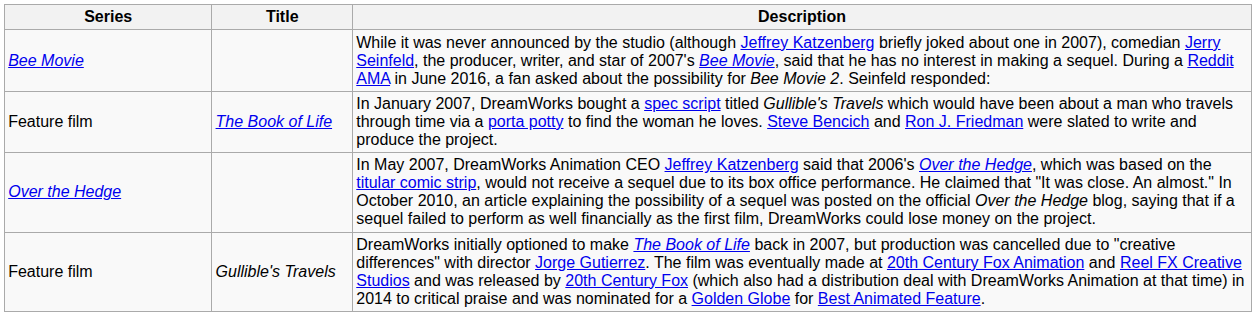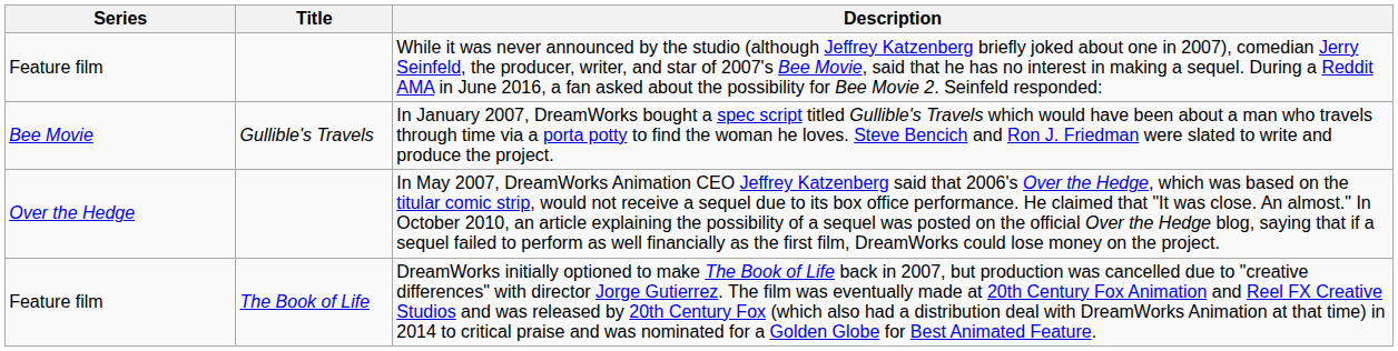 <table class="wikitable">
 <tr>
 <th style="width:150pt;">Series</th>
 <th style="width:100pt;">Title</th>
 <th>Description</th>
 </tr>
 <tr>
-<td><em><a href='#'>Bee Movie</a></em></td>
+<td>Feature film</td>
 <td></td>
 <td>While it was never announced by the studio (although <a href='#'>Jeffrey Katzenberg</a> briefly joked about one in 2007), comedian <a href='#'>Jerry Seinfeld</a>, the producer, writer, and star of 2007's <em><a href='#'>Bee Movie</a></em>, said that he has no interest in making a sequel. During a <a href='#'>Reddit AMA</a> in June 2016, a fan asked about the possibility for <em>Bee Movie 2</em>. Seinfeld responded:<br></td>
 </tr>
 <tr>
-<td>Feature film</td>
-<td><em><a href='#'>The Book of Life</a></em></td>
+<td><em><a href='#'>Bee Movie</a></em></td>
+<td><em>Gullible's Travels</em></td>
 <td>In January 2007, DreamWorks bought a <a href='#'>spec script</a> titled <em>Gullible's Travels</em> which would have been about a man who travels through time via a <a href='#'>porta potty</a> to find the woman he loves. <a href='#'>Steve Bencich</a> and <a href='#'>Ron J. Friedman</a> were slated to write and produce the project.</td>
 </tr>
 <tr>
 <td><em><a href='#'>Over the Hedge</a></em></td>
 <td></td>
 <td>In May 2007, DreamWorks Animation CEO <a href='#'>Jeffrey Katzenberg</a> said that 2006's <em><a href='#'>Over the Hedge</a></em>, which was based on the <a href='#'>titular comic strip</a>, would not receive a sequel due to its box office performance. He claimed that "It was close. An almost." In October 2010, an article explaining the possibility of a sequel was posted on the official <em>Over the Hedge</em> blog, saying that if a sequel failed to perform as well financially as the first film, DreamWorks could lose money on the project.</td>
 </tr>
 <tr>
 <td>Feature film</td>
-<td><em>Gullible's Travels</em></td>
+<td><em><a href='#'>The Book of Life</a></em></td>
 <td>DreamWorks initially optioned to make <em><a href='#'>The Book of Life</a></em> back in 2007, but production was cancelled due to "creative differences" with director <a href='#'>Jorge Gutierrez</a>. The film was eventually made at <a href='#'>20th Century Fox Animation</a> and <a href='#'>Reel FX Creative Studios</a> and was released by <a href='#'>20th Century Fox</a> (which also had a distribution deal with DreamWorks Animation at that time) in 2014 to critical praise and was nominated for a <a href='#'>Golden Globe</a> for <a href='#'>Best Animated Feature</a>.</td>
 </tr>
 </table>
